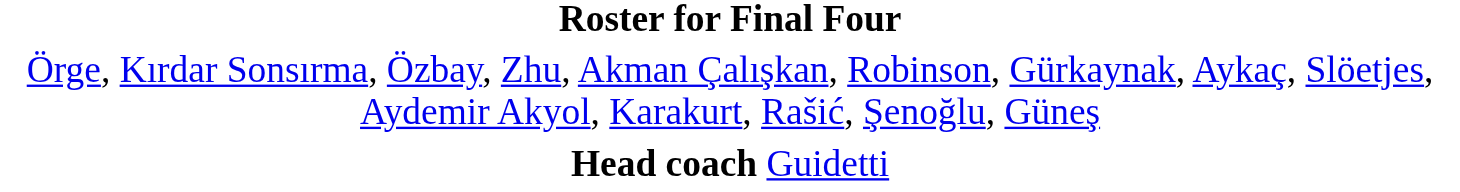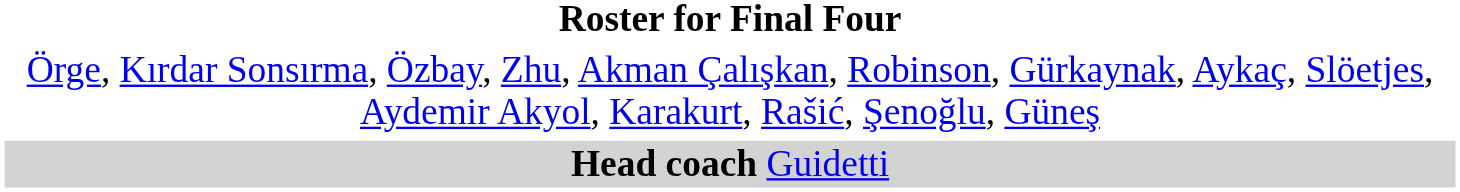 <table style="text-align: center; margin-top: 2em; margin-left: auto; margin-right: auto">
 <tr>
 <td><strong>Roster for Final Four</strong></td>
 </tr>
 <tr>
 <td><a href='#'>Örge</a>, <a href='#'>Kırdar Sonsırma</a>, <a href='#'>Özbay</a>, <a href='#'>Zhu</a>, <a href='#'>Akman Çalışkan</a>, <a href='#'>Robinson</a>, <a href='#'>Gürkaynak</a>, <a href='#'>Aykaç</a>, <a href='#'>Slöetjes</a>, <a href='#'>Aydemir Akyol</a>, <a href='#'>Karakurt</a>, <a href='#'>Rašić</a>, <a href='#'>Şenoğlu</a>, <a href='#'>Güneş</a></td>
 </tr>
 <tr>
-<td><strong>Head coach</strong> <a href='#'>Guidetti</a></td>
+<td style="background: lightgrey;"><strong>Head coach</strong> <a href='#'>Guidetti</a></td>
 </tr>
 <tr>
 <td></td>
 </tr>
 </table>
